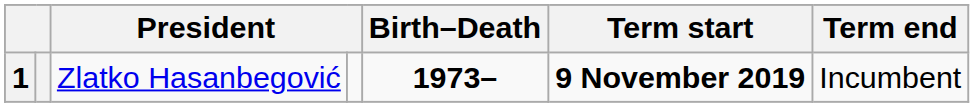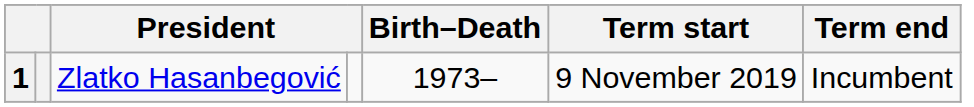 <table class="wikitable" style="text-align:center">
 <tr>
 <th colspan=2></th>
 <th colspan="2">President</th>
 <th>Birth–Death</th>
 <th>Term start</th>
 <th>Term end</th>
 </tr>
 <tr>
 <th>1</th>
 <th style="background:"></th>
 <td><a href='#'>Zlatko Hasanbegović</a></td>
 <td></td>
-<td><strong>1973–</strong></td>
-<td><strong>9 November 2019</strong></td>
+<td>1973–</td>
+<td>9 November 2019</td>
 <td>Incumbent</td>
 </tr>
 </table>
